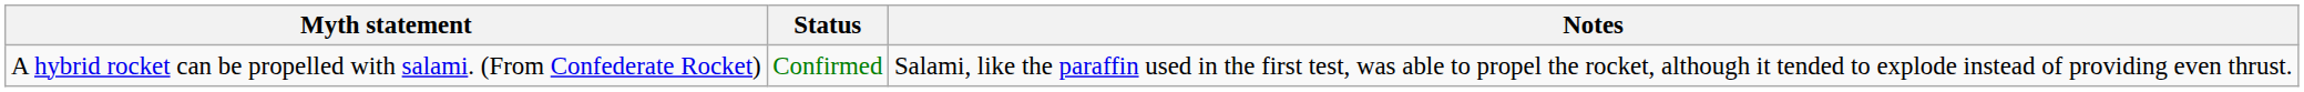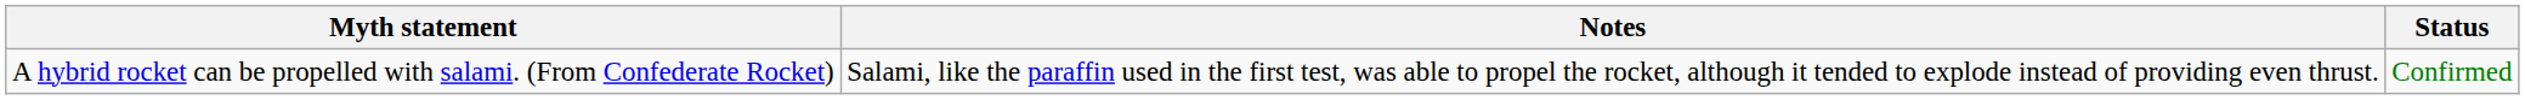 <table class="wikitable plainrowheaders">
 <tr>
 <th>Myth statement</th>
+<th>Notes</th>
 <th>Status</th>
-<th>Notes</th>
 </tr>
 <tr>
 <td>A <a href='#'>hybrid rocket</a> can be propelled with <a href='#'>salami</a>. (From <a href='#'>Confederate Rocket</a>)</td>
+<td>Salami, like the <a href='#'>paraffin</a> used in the first test, was able to propel the rocket, although it tended to explode instead of providing even thrust.</td>
 <td style="color:green">Confirmed</td>
-<td>Salami, like the <a href='#'>paraffin</a> used in the first test, was able to propel the rocket, although it tended to explode instead of providing even thrust.</td>
 </tr>
 </table>
